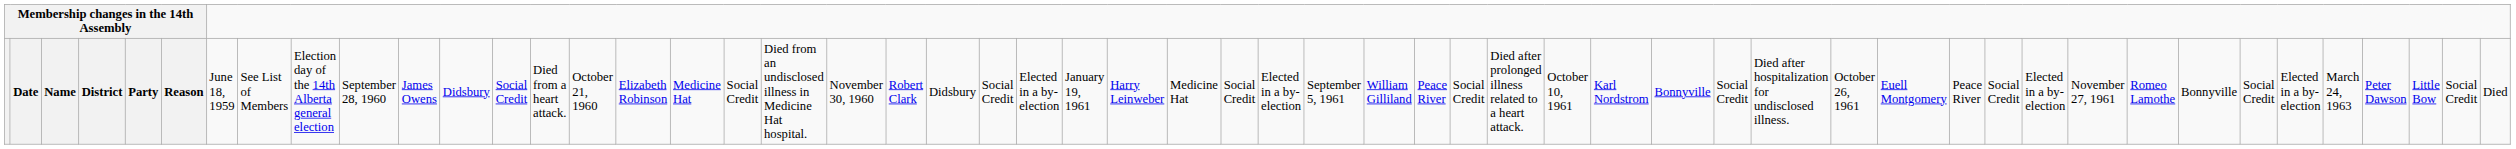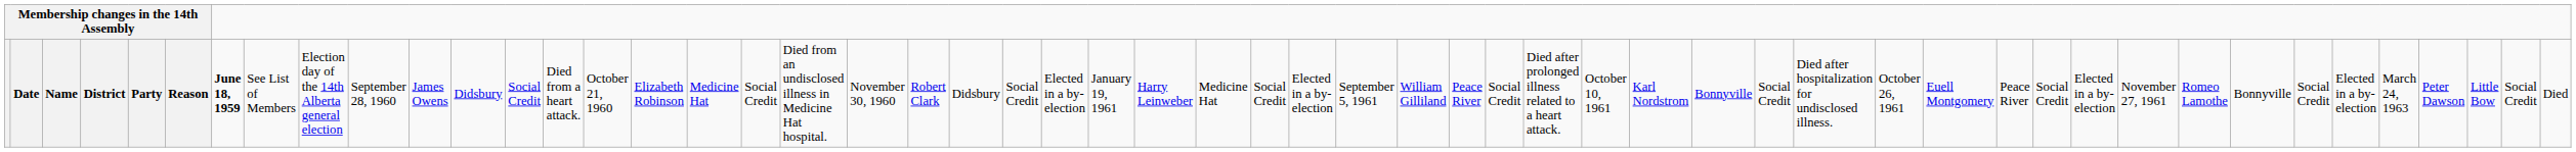 <table class="wikitable">
 <tr>
 <th colspan=6>Membership changes in the 14th Assembly</th>
 </tr>
 <tr>
 <th></th>
 <th>Date</th>
 <th>Name</th>
 <th>District</th>
 <th>Party</th>
 <th>Reason<br></th>
-<td>June 18, 1959</td>
+<td><strong>June 18, 1959</strong></td>
 <td colspan=3>See List of Members</td>
 <td>Election day of the <a href='#'>14th Alberta general election</a><br></td>
 <td>September 28, 1960</td>
 <td><a href='#'>James Owens</a></td>
 <td><a href='#'>Didsbury</a></td>
 <td><a href='#'>Social Credit</a></td>
 <td>Died from a heart attack.<br></td>
 <td>October 21, 1960</td>
 <td><a href='#'>Elizabeth Robinson</a></td>
 <td><a href='#'>Medicine Hat</a></td>
 <td>Social Credit</td>
 <td>Died from an undisclosed illness in Medicine Hat hospital.<br></td>
 <td>November 30, 1960</td>
 <td><a href='#'>Robert Clark</a></td>
 <td>Didsbury</td>
 <td>Social Credit</td>
 <td>Elected in a by-election<br></td>
 <td>January 19, 1961</td>
 <td><a href='#'>Harry Leinweber</a></td>
 <td>Medicine Hat</td>
 <td>Social Credit</td>
 <td>Elected in a by-election<br></td>
 <td>September 5, 1961</td>
 <td><a href='#'>William Gilliland</a></td>
 <td><a href='#'>Peace River</a></td>
 <td>Social Credit</td>
 <td>Died after prolonged illness related to a heart attack.<br></td>
 <td>October 10, 1961</td>
 <td><a href='#'>Karl Nordstrom</a></td>
 <td><a href='#'>Bonnyville</a></td>
 <td>Social Credit</td>
 <td>Died after hospitalization for undisclosed illness.<br></td>
 <td>October 26, 1961</td>
 <td><a href='#'>Euell Montgomery</a></td>
 <td>Peace River</td>
 <td>Social Credit</td>
 <td>Elected in a by-election<br></td>
 <td>November 27, 1961</td>
 <td><a href='#'>Romeo Lamothe</a></td>
 <td>Bonnyville</td>
 <td>Social Credit</td>
 <td>Elected in a by-election<br></td>
 <td>March 24, 1963</td>
 <td><a href='#'>Peter Dawson</a></td>
 <td><a href='#'>Little Bow</a></td>
 <td>Social Credit</td>
 <td>Died</td>
 </tr>
 </table>
